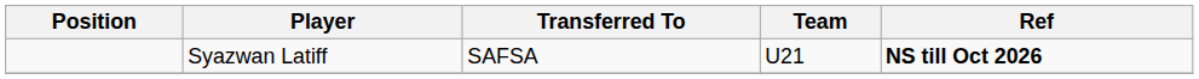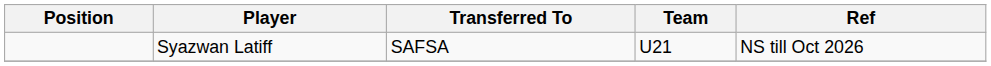 <table class="wikitable sortable" style="width:70%; text-align:center; font-size:100%; text-align:left;">
 <tr>
 <th>Position</th>
 <th>Player</th>
 <th>Transferred To</th>
 <th>Team</th>
 <th>Ref</th>
 </tr>
 <tr>
 <td></td>
 <td> Syazwan Latiff</td>
 <td> SAFSA</td>
 <td>U21</td>
-<td><strong>NS till Oct 2026</strong></td>
+<td>NS till Oct 2026</td>
 </tr>
 <tr>
 </tr>
 </table>
